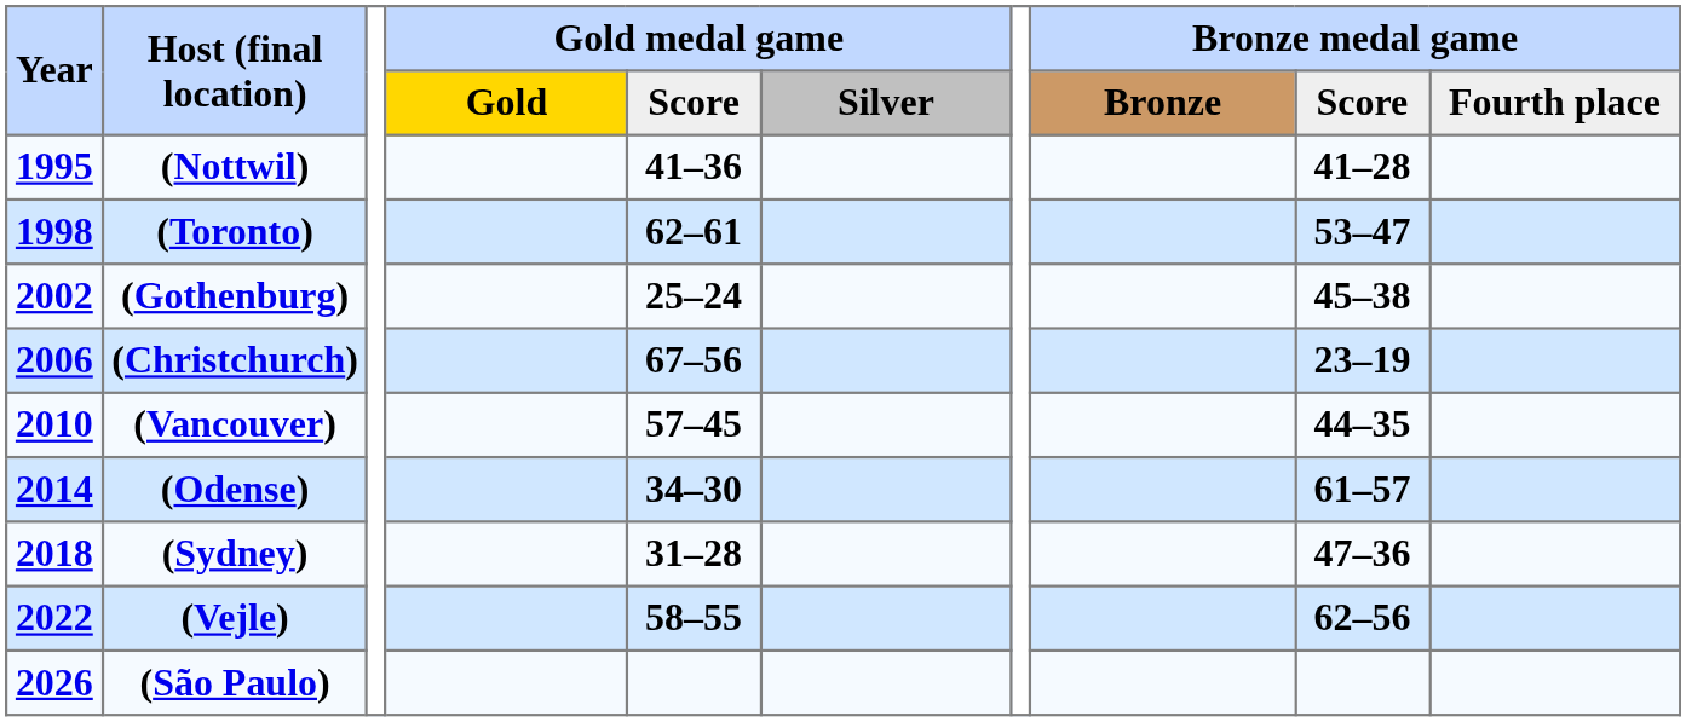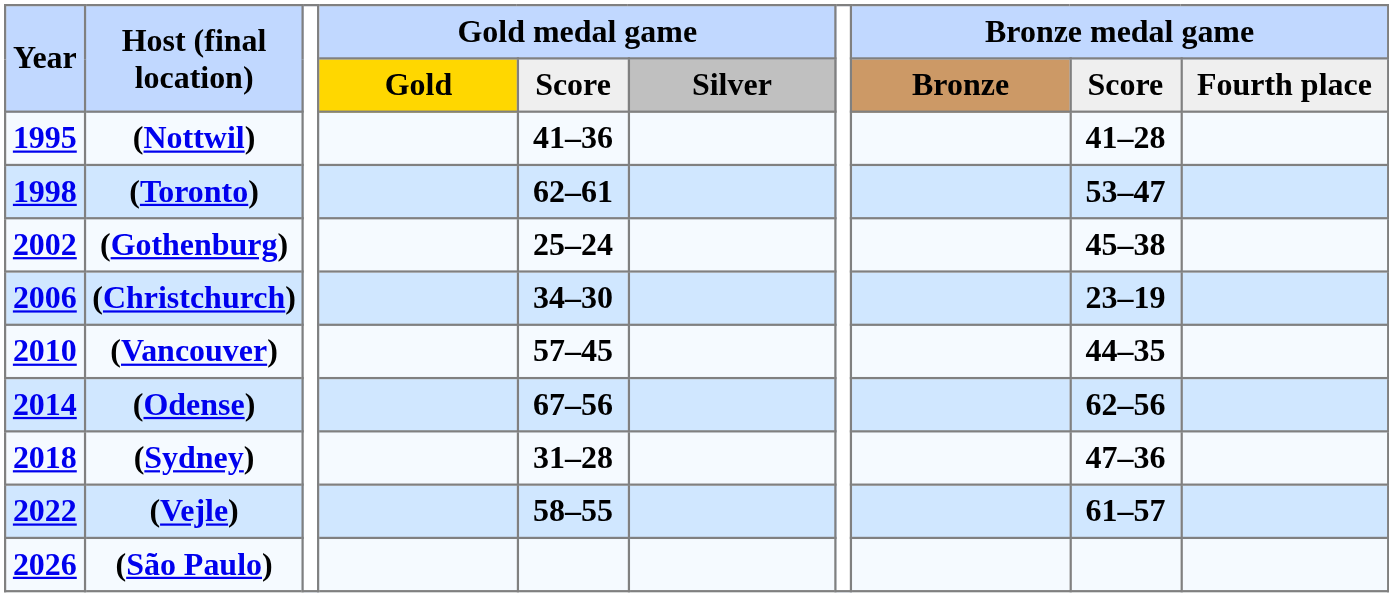 <table border=1 style="border-collapse:collapse; font-size:90%; font-weight:bold; text-align:center" cellpadding=3 cellspacing=0 width=100%>
 <tr bgcolor=#C1D8FF>
 <th rowspan=2 width=5%>Year</th>
 <th rowspan=2 width=10%>Host (final location)</th>
 <th width=1% rowspan=12 bgcolor=ffffff></th>
 <th colspan=3>Gold medal game</th>
 <th width=1% rowspan=12 bgcolor=ffffff></th>
 <th colspan=3>Bronze medal game</th>
 </tr>
 <tr bgcolor=#EFEFEF>
 <td !align="center" bgcolor="gold" width=200>Gold</td>
 <th width=8%>Score</th>
 <td !align="center" bgcolor="silver" width=200>Silver</td>
 <td !align="center" bgcolor="CC9966" width=200>Bronze</td>
 <th width=8%>Score</th>
 <th width=15%>Fourth place</th>
 </tr>
 <tr align=center bgcolor=#F5FAFF>
 <td><a href='#'>1995</a></td>
 <td> (<a href='#'>Nottwil</a>)</td>
 <td></td>
 <td>41–36</td>
 <td></td>
 <td></td>
 <td>41–28</td>
 <td></td>
 </tr>
 <tr bgcolor=#D0E7FF>
 <td><a href='#'>1998</a></td>
 <td> (<a href='#'>Toronto</a>)</td>
 <td></td>
 <td>62–61</td>
 <td></td>
 <td></td>
 <td>53–47</td>
 <td></td>
 </tr>
 <tr bgcolor=#F5FAFF>
 <td><a href='#'>2002</a></td>
 <td> (<a href='#'>Gothenburg</a>)</td>
 <td></td>
 <td>25–24</td>
 <td></td>
 <td></td>
 <td>45–38</td>
 <td></td>
 </tr>
 <tr bgcolor=#D0E7FF>
 <td><a href='#'>2006</a></td>
 <td> (<a href='#'>Christchurch</a>)</td>
 <td></td>
-<td>67–56</td>
+<td>34–30</td>
 <td></td>
 <td></td>
 <td>23–19</td>
 <td></td>
 </tr>
 <tr bgcolor=#F5FAFF>
 <td><a href='#'>2010</a></td>
 <td> (<a href='#'>Vancouver</a>)</td>
 <td></td>
 <td>57–45</td>
 <td></td>
 <td></td>
 <td>44–35</td>
 <td></td>
 </tr>
 <tr bgcolor=#D0E7FF>
 <td><a href='#'>2014</a></td>
 <td> (<a href='#'>Odense</a>)</td>
 <td></td>
-<td>34–30</td>
+<td>67–56</td>
 <td></td>
 <td></td>
-<td>61–57</td>
+<td>62–56</td>
 <td></td>
 </tr>
 <tr bgcolor=#F5FAFF>
 <td><a href='#'>2018</a></td>
 <td> (<a href='#'>Sydney</a>)</td>
 <td></td>
 <td>31–28</td>
 <td></td>
 <td></td>
 <td>47–36</td>
 <td></td>
 </tr>
 <tr bgcolor=#D0E7FF>
 <td><a href='#'>2022</a></td>
 <td> (<a href='#'>Vejle</a>)</td>
 <td></td>
 <td>58–55</td>
 <td></td>
 <td></td>
-<td>62–56</td>
+<td>61–57</td>
 <td></td>
 </tr>
 <tr bgcolor=#F5FAFF>
 <td><a href='#'>2026</a></td>
 <td> (<a href='#'>São Paulo</a>)</td>
 <td></td>
 <td></td>
 <td></td>
 <td></td>
 <td></td>
 <td></td>
 </tr>
 </table>
